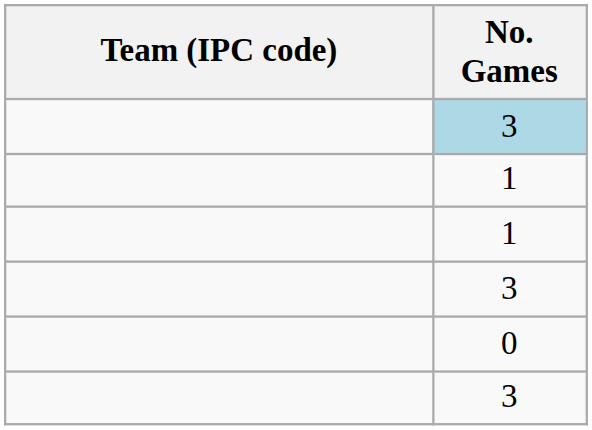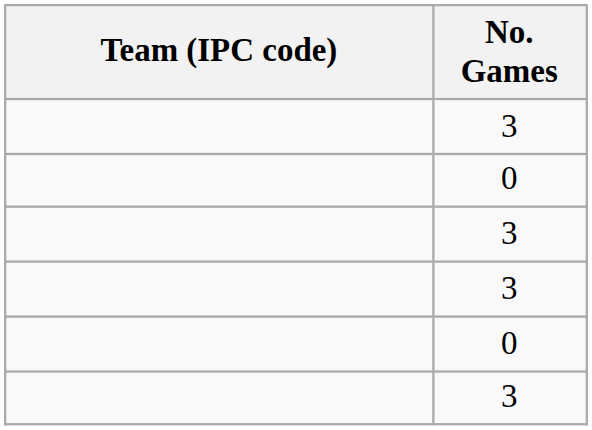 <table class="wikitable sortable" style="margin-top:0em; text-align:center; font-size:90%;">
 <tr>
 <th Width=180>Team (IPC code)</th>
 <th Width=60>No. Games</th>
 </tr>
 <tr>
 <td align=left></td>
-<td style="background: lightblue;">3</td>
+<td>3</td>
 </tr>
 <tr>
 <td align=left></td>
-<td>1</td>
+<td>0</td>
 </tr>
 <tr>
 <td align=left></td>
-<td>1</td>
+<td>3</td>
 </tr>
 <tr>
 <td align=left></td>
 <td>3</td>
 </tr>
 <tr>
 <td align=left></td>
 <td>0</td>
 </tr>
 <tr>
 <td align=left></td>
 <td>3</td>
 </tr>
 </table>
